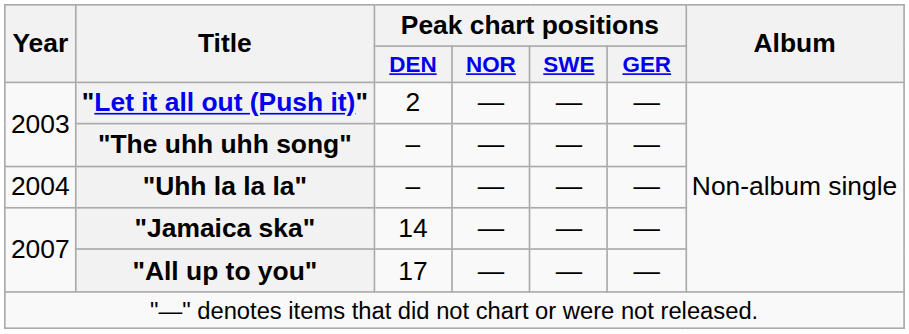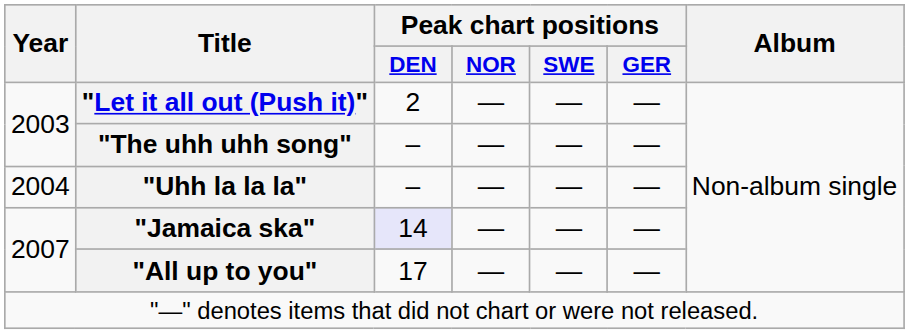 <table class="wikitable plainrowheaders" style="text-align:center;" border="1">
 <tr>
 <th scope="col" rowspan="2">Year</th>
 <th scope="col" rowspan="2">Title</th>
 <th scope="col" colspan="4">Peak chart positions</th>
 <th scope="col" rowspan="2">Album</th>
 </tr>
 <tr>
 <th scope="col" style="width:3em;font-size:85%;"><a href='#'>DEN</a><br></th>
 <th scope="col" style="width:3em;font-size:85%;"><a href='#'>NOR</a><br></th>
 <th scope="col" style="width:3em;font-size:85%;"><a href='#'>SWE</a><br></th>
 <th scope="col" style="width:3em;font-size:85%;"><a href='#'>GER</a><br></th>
 </tr>
 <tr>
 <td rowspan="2">2003</td>
 <th scope="row">"<a href='#'>Let it all out (Push it)</a>"</th>
 <td>2</td>
 <td>—</td>
 <td>—</td>
 <td>—</td>
 <td rowspan="5">Non-album single</td>
 </tr>
 <tr>
 <th scope="row">"The uhh uhh song"</th>
 <td>–</td>
 <td>—</td>
 <td>—</td>
 <td>—</td>
 </tr>
 <tr>
 <td>2004</td>
 <th scope="row">"Uhh la la la"</th>
 <td>–</td>
 <td>—</td>
 <td>—</td>
 <td>—</td>
 </tr>
 <tr>
 <td rowspan="2">2007</td>
 <th scope="row">"Jamaica ska"</th>
-<td>14</td>
+<td style="background: lavender;">14</td>
 <td>—</td>
 <td>—</td>
 <td>—</td>
 </tr>
 <tr>
 <th scope="row">"All up to you"</th>
 <td>17</td>
 <td>—</td>
 <td>—</td>
 <td>—</td>
 </tr>
 <tr>
 <td align="center" colspan="14" style="font-size:90%">"—" denotes items that did not chart or were not released.</td>
 </tr>
 </table>
